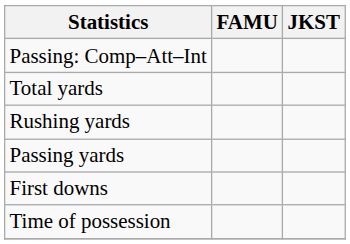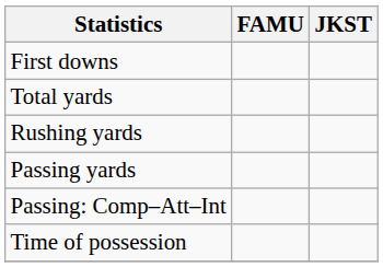 <table class="wikitable" style="float: left;">
 <tr>
 <th>Statistics</th>
 <th>FAMU</th>
 <th>JKST</th>
 </tr>
 <tr>
-<td>Passing: Comp–Att–Int</td>
+<td>First downs</td>
 <td></td>
 <td></td>
 </tr>
 <tr>
 <td>Total yards</td>
 <td></td>
 <td></td>
 </tr>
 <tr>
 <td>Rushing yards</td>
 <td></td>
 <td></td>
 </tr>
 <tr>
 <td>Passing yards</td>
 <td></td>
 <td></td>
 </tr>
 <tr>
-<td>First downs</td>
+<td>Passing: Comp–Att–Int</td>
 <td></td>
 <td></td>
 </tr>
 <tr>
 <td>Time of possession</td>
 <td></td>
 <td></td>
 </tr>
 <tr>
 </tr>
 </table>
